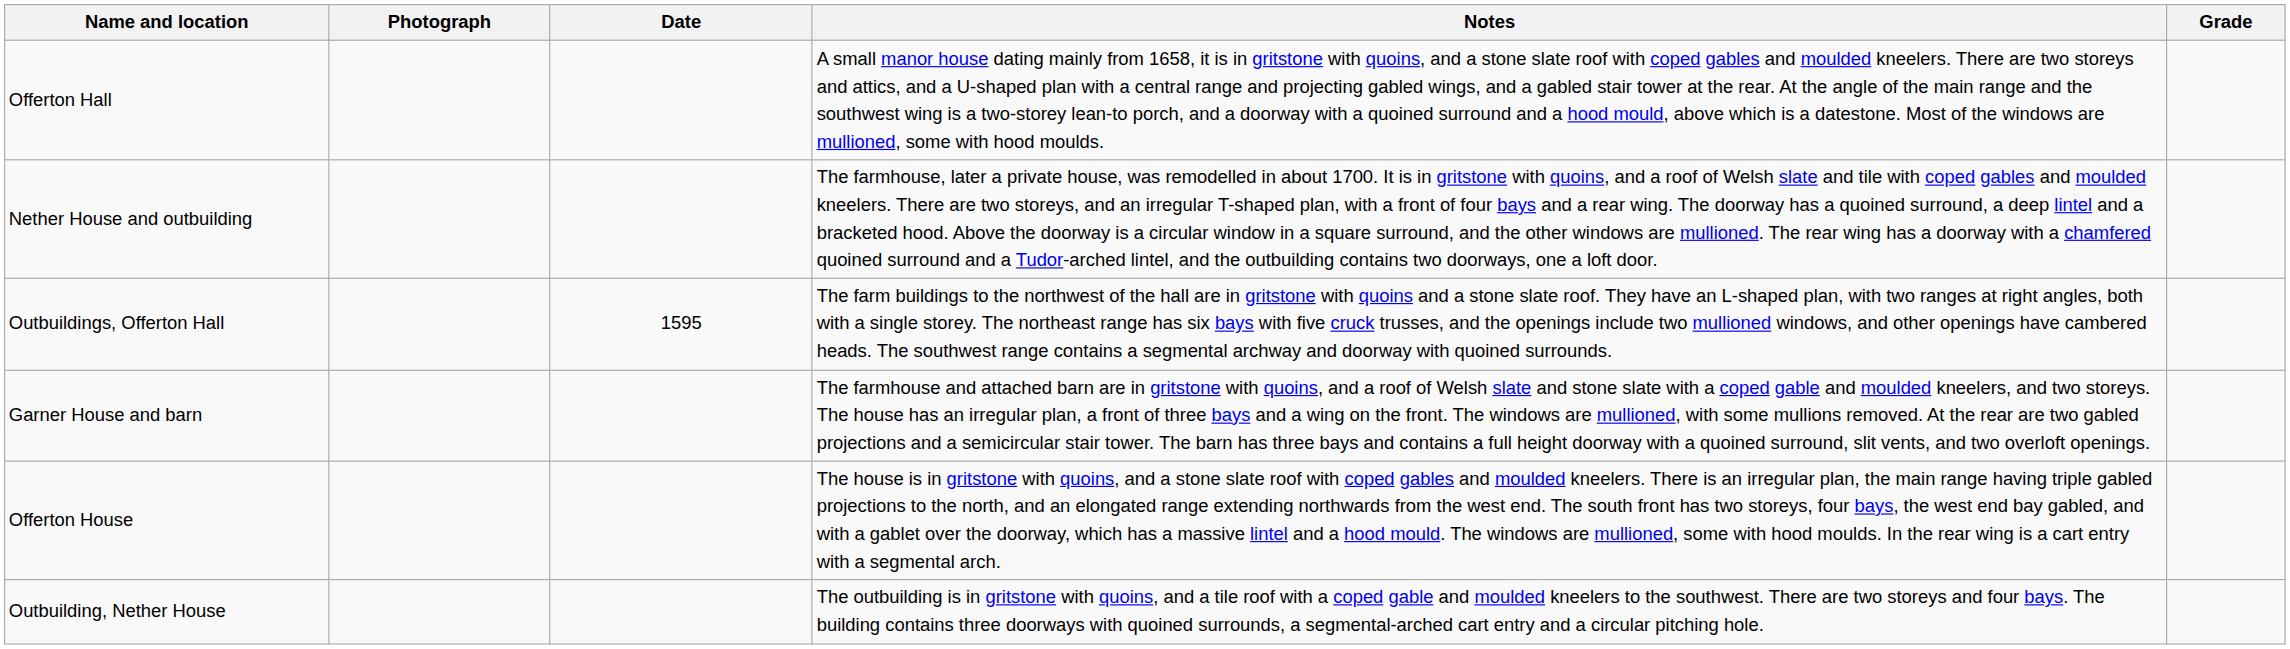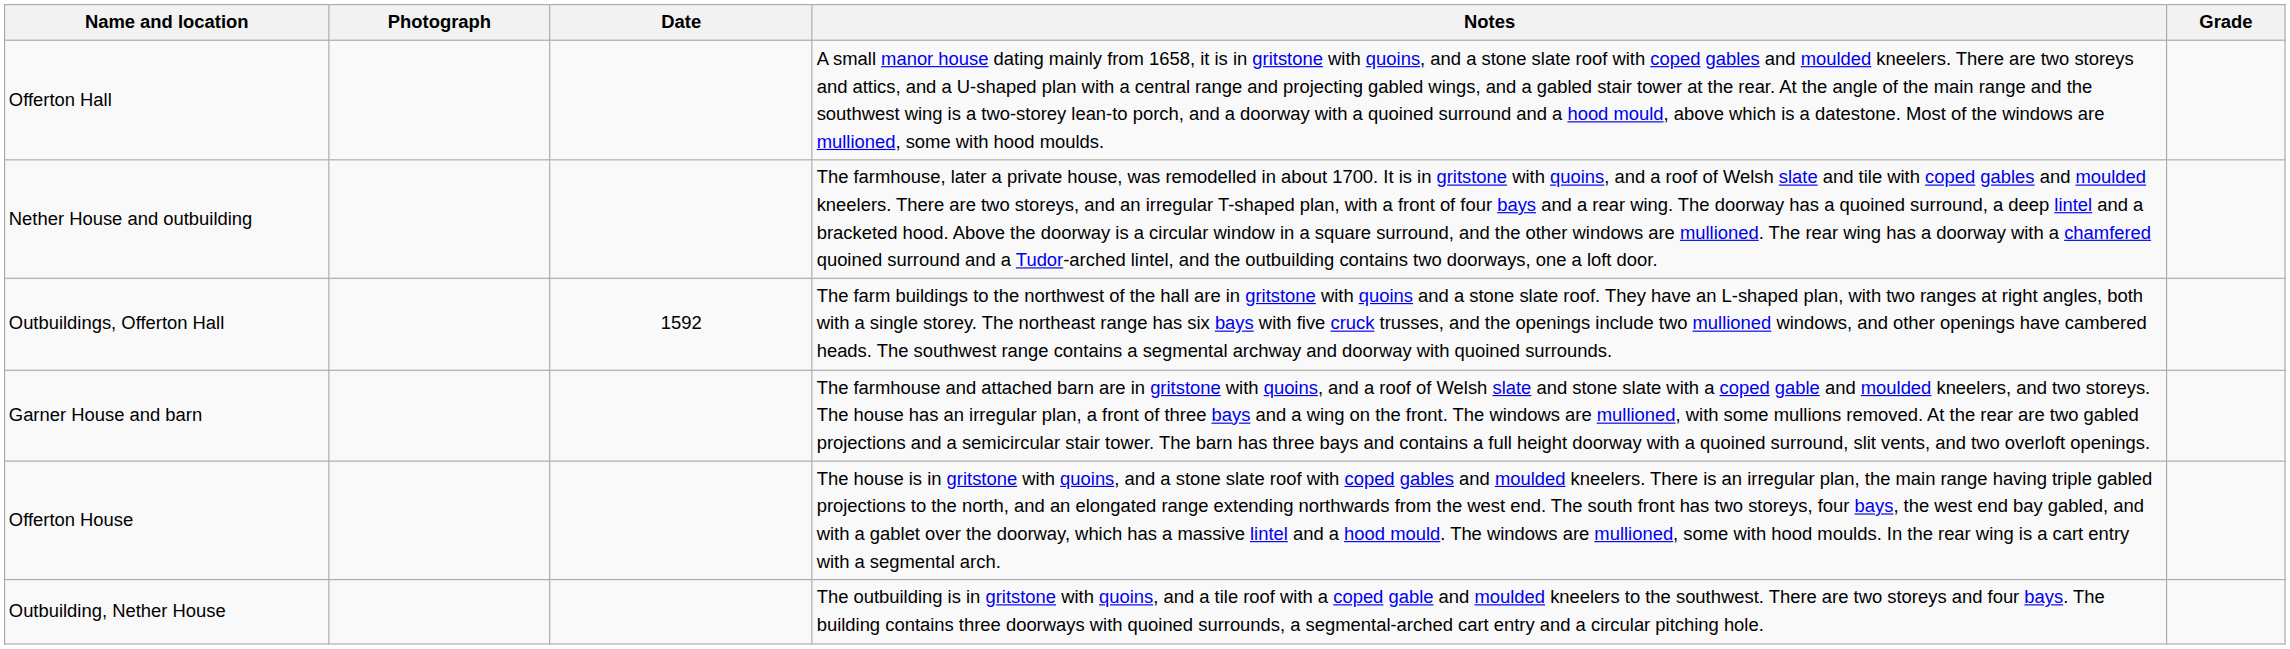 <table class="wikitable sortable plainrowheaders" style="width:100%; border:0; text-align:left; line-height:150%;">
 <tr>
 <th scope="col"  style="width:150px">Name and location</th>
 <th scope="col"  style="width:100px" class="unsortable">Photograph</th>
 <th scope="col"  style="width:120px">Date</th>
 <th scope="col"  style="width:650px" class="unsortable">Notes</th>
 <th scope="col"  style="width:50px">Grade</th>
 </tr>
 <tr>
 <td>Offerton Hall<br><small></small></td>
 <td></td>
 <td align="center"></td>
 <td>A small <a href='#'>manor house</a> dating mainly from 1658, it is in <a href='#'>gritstone</a> with <a href='#'>quoins</a>, and a stone slate roof with <a href='#'>coped</a> <a href='#'>gables</a> and <a href='#'>moulded</a> kneelers.  There are two storeys and attics, and a U-shaped plan with a central range and projecting gabled wings, and a gabled stair tower at the rear. At the angle of the main range and the southwest wing is a two-storey lean-to porch, and a doorway with a quoined surround and a <a href='#'>hood mould</a>, above which is a datestone.  Most of the windows are <a href='#'>mullioned</a>, some with hood moulds.</td>
 <td align="center" ></td>
 </tr>
 <tr>
 <td>Nether House and outbuilding<br><small></small></td>
 <td></td>
 <td align="center"></td>
 <td>The farmhouse, later a private house, was remodelled in about 1700.  It is in <a href='#'>gritstone</a> with <a href='#'>quoins</a>, and a roof of Welsh <a href='#'>slate</a> and tile with <a href='#'>coped</a> <a href='#'>gables</a> and <a href='#'>moulded</a> kneelers.  There are two storeys, and an irregular T-shaped plan, with a front of four <a href='#'>bays</a> and a rear wing.  The doorway has a quoined surround, a deep <a href='#'>lintel</a> and a bracketed hood.  Above the doorway is a circular window in a square surround, and the other windows are <a href='#'>mullioned</a>.  The rear wing has a doorway with a <a href='#'>chamfered</a> quoined surround and a <a href='#'>Tudor</a>-arched lintel, and the outbuilding contains two doorways, one a loft door.</td>
 <td align="center" ></td>
 </tr>
 <tr>
 <td>Outbuildings, Offerton Hall<br><small></small></td>
 <td></td>
-<td align="center">1595</td>
+<td align="center">1592</td>
 <td>The farm buildings to the northwest of the hall are in <a href='#'>gritstone</a> with <a href='#'>quoins</a> and a stone slate roof.  They have an L-shaped plan, with two ranges at right angles, both with a single storey.  The northeast range has six <a href='#'>bays</a> with five <a href='#'>cruck</a> trusses, and the openings include two <a href='#'>mullioned</a> windows, and other openings have cambered heads.  The southwest range contains a segmental archway and doorway with quoined surrounds.</td>
 <td align="center" ></td>
 </tr>
 <tr>
 <td>Garner House and barn<br><small></small></td>
 <td></td>
 <td align="center"></td>
 <td>The farmhouse and attached barn are in <a href='#'>gritstone</a> with <a href='#'>quoins</a>, and a roof of Welsh <a href='#'>slate</a> and stone slate with a <a href='#'>coped</a> <a href='#'>gable</a> and <a href='#'>moulded</a> kneelers, and two storeys.  The house has an irregular plan, a front of three <a href='#'>bays</a> and a wing on the front.  The windows are <a href='#'>mullioned</a>, with some mullions removed.  At the rear are two gabled projections and a semicircular stair tower. The barn has three bays and contains a full height doorway with a quoined surround, slit vents, and two overloft openings.</td>
 <td align="center" ></td>
 </tr>
 <tr>
 <td>Offerton House<br><small></small></td>
 <td></td>
 <td align="center"></td>
 <td>The house is in <a href='#'>gritstone</a> with <a href='#'>quoins</a>, and a stone slate roof with <a href='#'>coped</a> <a href='#'>gables</a> and <a href='#'>moulded</a> kneelers.  There is an irregular plan, the main range having triple gabled projections to the north, and an elongated range extending northwards from the west end.  The south front has two storeys, four <a href='#'>bays</a>, the west end bay gabled, and with a gablet over the doorway, which has a massive <a href='#'>lintel</a> and a <a href='#'>hood mould</a>.  The windows are <a href='#'>mullioned</a>, some with hood moulds.  In the rear wing is a cart entry with a segmental arch.</td>
 <td align="center" ></td>
 </tr>
 <tr>
 <td>Outbuilding, Nether House<br><small></small></td>
 <td></td>
 <td align="center"></td>
 <td>The outbuilding is in <a href='#'>gritstone</a> with <a href='#'>quoins</a>, and a tile roof with a <a href='#'>coped</a> <a href='#'>gable</a> and <a href='#'>moulded</a> kneelers to the southwest.  There are two storeys and four <a href='#'>bays</a>.  The building contains three doorways with quoined surrounds, a segmental-arched cart entry and a circular pitching hole.</td>
 <td align="center" ></td>
 </tr>
 <tr>
 </tr>
 </table>
